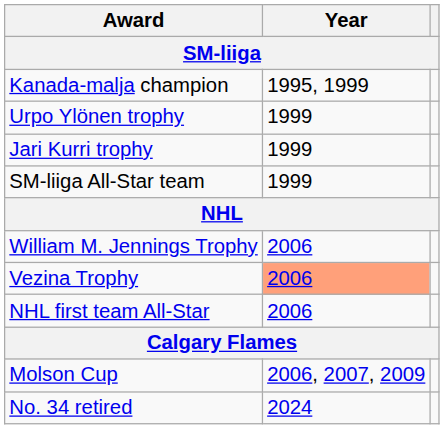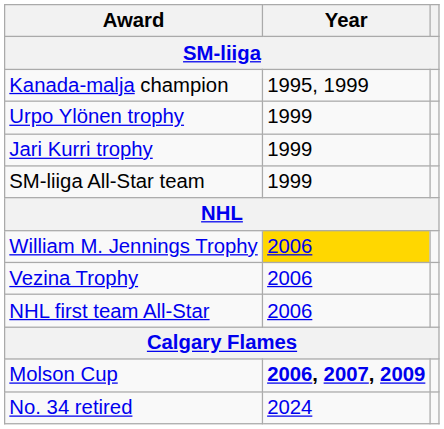 <table class="wikitable">
 <tr>
 <th>Award</th>
 <th>Year</th>
 <th></th>
 </tr>
 <tr>
 <th colspan="3"><a href='#'>SM-liiga</a></th>
 </tr>
 <tr>
 <td><a href='#'>Kanada-malja</a> champion</td>
 <td>1995, 1999</td>
 <td></td>
 </tr>
 <tr>
 <td><a href='#'>Urpo Ylönen trophy</a></td>
 <td>1999</td>
 <td></td>
 </tr>
 <tr>
 <td><a href='#'>Jari Kurri trophy</a></td>
 <td>1999</td>
 <td></td>
 </tr>
 <tr>
 <td>SM-liiga All-Star team</td>
 <td>1999</td>
 <td></td>
 </tr>
 <tr>
 <th colspan="3"><a href='#'>NHL</a></th>
 </tr>
 <tr>
 <td><a href='#'>William M. Jennings Trophy</a></td>
-<td><a href='#'>2006</a></td>
+<td style="background: gold;"><a href='#'>2006</a></td>
 <td></td>
 </tr>
 <tr>
 <td><a href='#'>Vezina Trophy</a></td>
-<td style="background: lightsalmon;"><a href='#'>2006</a></td>
+<td><a href='#'>2006</a></td>
 <td></td>
 </tr>
 <tr>
 <td><a href='#'>NHL first team All-Star</a></td>
 <td><a href='#'>2006</a></td>
 <td></td>
 </tr>
 <tr>
 <th colspan="3"><a href='#'>Calgary Flames</a></th>
 </tr>
 <tr>
 <td><a href='#'>Molson Cup</a></td>
-<td><a href='#'>2006</a>, <a href='#'>2007</a>, <a href='#'>2009</a></td>
+<td><strong><a href='#'>2006</a>, <a href='#'>2007</a>, <a href='#'>2009</a></strong></td>
 <td></td>
 </tr>
 <tr>
 <td><a href='#'>No. 34 retired</a></td>
 <td><a href='#'>2024</a></td>
 <td></td>
 </tr>
 </table>
